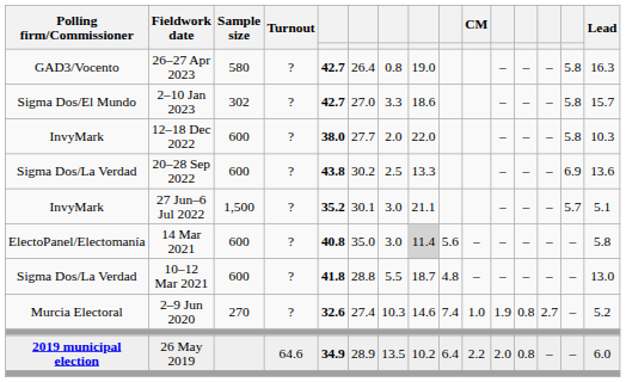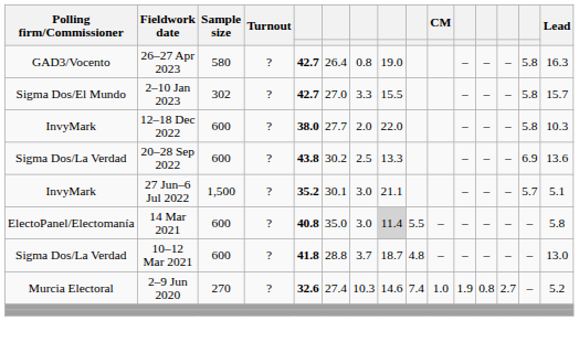 <table class="wikitable collapsible collapsed" style="text-align:center; font-size:95%; line-height:16px;">
 <tr style="height:42px;">
 <th style="width:250px;" rowspan="2">Polling firm/Commissioner</th>
 <th style="width:125px;" rowspan="2">Fieldwork date</th>
 <th style="width:50px;" rowspan="2">Sample size</th>
 <th style="width:45px;" rowspan="2">Turnout</th>
 <th style="width:35px;"></th>
 <th style="width:35px;"></th>
 <th style="width:35px;"></th>
 <th style="width:35px;"></th>
 <th style="width:35px;"></th>
 <th style="width:35px;">CM</th>
 <th style="width:35px;"></th>
 <th style="width:35px;"></th>
 <th style="width:35px;"></th>
 <th style="width:35px;"></th>
 <th style="width:30px;" rowspan="2">Lead</th>
 </tr>
 <tr>
 <th style="color:inherit;background:"></th>
 <th style="color:inherit;background:"></th>
 <th style="color:inherit;background:"></th>
 <th style="color:inherit;background:"></th>
 <th style="color:inherit;background:"></th>
 <th style="color:inherit;background:"></th>
 <th style="color:inherit;background:"></th>
 <th style="color:inherit;background:"></th>
 <th style="color:inherit;background:"></th>
 <th style="color:inherit;background:"></th>
 </tr>
 <tr>
 <td>GAD3/Vocento</td>
 <td>26–27 Apr 2023</td>
 <td>580</td>
 <td>?</td>
 <td><strong>42.7</strong><br></td>
 <td>26.4<br></td>
 <td>0.8<br></td>
 <td>19.0<br></td>
 <td></td>
 <td></td>
 <td>–</td>
 <td>–</td>
 <td>–</td>
 <td>5.8<br></td>
 <td style="background:">16.3</td>
 </tr>
 <tr>
 <td>Sigma Dos/El Mundo</td>
 <td>2–10 Jan 2023</td>
 <td>302</td>
 <td>?</td>
 <td><strong>42.7</strong><br></td>
 <td>27.0<br></td>
 <td>3.3<br></td>
-<td>18.6<br></td>
+<td>15.5<br></td>
 <td></td>
 <td></td>
 <td>–</td>
 <td>–</td>
 <td>–</td>
 <td>5.8<br></td>
 <td style="background:">15.7</td>
 </tr>
 <tr>
 <td>InvyMark</td>
 <td>12–18 Dec 2022</td>
 <td>600</td>
 <td>?</td>
 <td><strong>38.0</strong><br></td>
 <td>27.7<br></td>
 <td>2.0<br></td>
 <td>22.0<br></td>
 <td></td>
 <td></td>
 <td>–</td>
 <td>–</td>
 <td>–</td>
 <td>5.8<br></td>
 <td style="background:">10.3</td>
 </tr>
 <tr>
 <td>Sigma Dos/La Verdad</td>
 <td>20–28 Sep 2022</td>
 <td>600</td>
 <td>?</td>
 <td><strong>43.8</strong><br></td>
 <td>30.2<br></td>
 <td>2.5<br></td>
 <td>13.3<br></td>
 <td></td>
 <td></td>
 <td>–</td>
 <td>–</td>
 <td>–</td>
 <td>6.9<br></td>
 <td style="background:">13.6</td>
 </tr>
 <tr>
 <td>InvyMark</td>
 <td>27 Jun–6 Jul 2022</td>
 <td>1,500</td>
 <td>?</td>
 <td><strong>35.2</strong><br></td>
 <td>30.1<br></td>
 <td>3.0<br></td>
 <td>21.1<br></td>
 <td></td>
 <td></td>
 <td>–</td>
 <td>–</td>
 <td>–</td>
 <td>5.7<br></td>
 <td style="background:">5.1</td>
 </tr>
 <tr>
 <td>ElectoPanel/Electomanía</td>
 <td>14 Mar 2021</td>
 <td>600</td>
 <td>?</td>
 <td><strong>40.8</strong><br></td>
 <td>35.0<br></td>
 <td>3.0<br></td>
 <td style="background: lightgrey;">11.4<br></td>
-<td>5.6<br></td>
+<td>5.5<br></td>
 <td>–</td>
 <td>–</td>
 <td>–</td>
 <td>–</td>
 <td>–</td>
 <td style="background:">5.8</td>
 </tr>
 <tr>
 <td>Sigma Dos/La Verdad</td>
 <td>10–12 Mar 2021</td>
 <td>600</td>
 <td>?</td>
 <td><strong>41.8</strong><br></td>
 <td>28.8<br></td>
-<td>5.5<br></td>
+<td>3.7<br></td>
 <td>18.7<br></td>
 <td>4.8<br></td>
 <td>–</td>
 <td>–</td>
 <td>–</td>
 <td>–</td>
 <td>–</td>
 <td style="background:">13.0</td>
 </tr>
 <tr>
 <td>Murcia Electoral</td>
 <td>2–9 Jun 2020</td>
 <td>270</td>
 <td>?</td>
 <td><strong>32.6</strong><br></td>
 <td>27.4<br></td>
 <td>10.3<br></td>
 <td>14.6<br></td>
 <td>7.4<br></td>
 <td>1.0<br></td>
 <td>1.9<br></td>
 <td>0.8<br></td>
 <td>2.7<br></td>
 <td>–</td>
 <td style="background:">5.2</td>
 </tr>
 <tr>
 <td colspan="15" style="background:#A0A0A0"></td>
 </tr>
-<tr style="background:#EFEFEF;">
-<td><strong><a href='#'>2019 municipal election</a></strong></td>
-<td>26 May 2019</td>
-<td></td>
-<td>64.6</td>
-<td><strong>34.9</strong><br></td>
-<td>28.9<br></td>
-<td>13.5<br></td>
-<td>10.2<br></td>
-<td>6.4<br></td>
-<td>2.2<br></td>
-<td>2.0<br></td>
-<td>0.8<br></td>
-<td>–</td>
-<td>–</td>
-<td style="background:">6.0</td>
-</tr>
 <tr>
 <td colspan="15" style="background:#A0A0A0"></td>
 </tr>
 </table>
